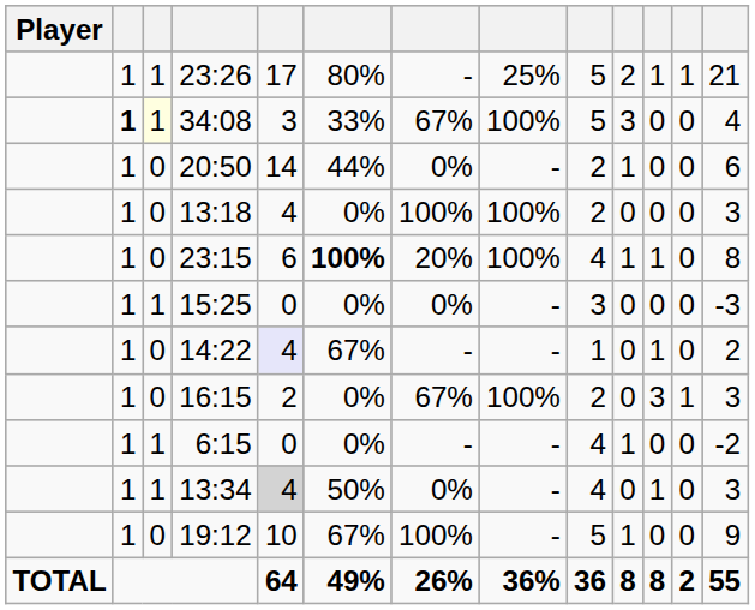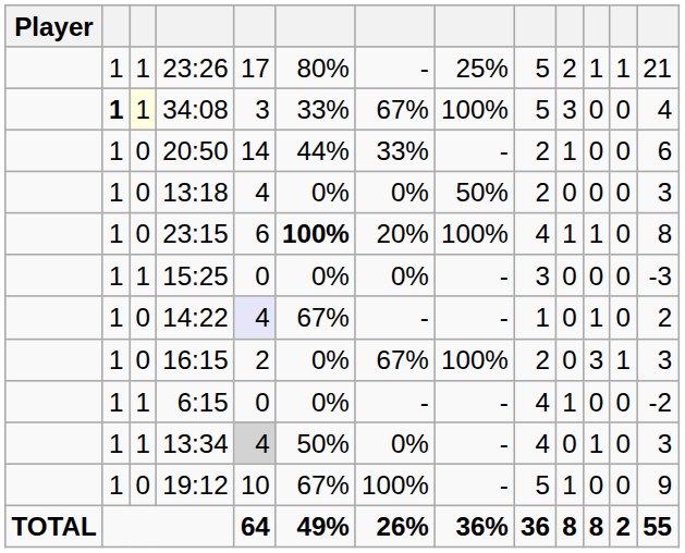 <table class="wikitable sortable" style="font-size:95%; text-align:right">
 <tr>
 <th>Player</th>
 <th></th>
 <th></th>
 <th></th>
 <th></th>
 <th></th>
 <th></th>
 <th></th>
 <th></th>
 <th></th>
 <th></th>
 <th></th>
 <th></th>
 </tr>
 <tr>
 <td><strong></strong></td>
 <td>1</td>
 <td>1</td>
 <td>23:26</td>
 <td>17</td>
 <td>80%</td>
 <td>-</td>
 <td>25%</td>
 <td>5</td>
 <td>2</td>
 <td>1</td>
 <td>1</td>
 <td>21</td>
 </tr>
 <tr>
 <td><strong></strong></td>
 <td><strong>1</strong></td>
 <td style="background: lightyellow;">1</td>
 <td>34:08</td>
 <td>3</td>
 <td>33%</td>
 <td>67%</td>
 <td>100%</td>
 <td>5</td>
 <td>3</td>
 <td>0</td>
 <td>0</td>
 <td>4</td>
 </tr>
 <tr>
 <td><strong></strong></td>
 <td>1</td>
 <td>0</td>
 <td>20:50</td>
 <td>14</td>
 <td>44%</td>
-<td>0%</td>
+<td>33%</td>
 <td>-</td>
 <td>2</td>
 <td>1</td>
 <td>0</td>
 <td>0</td>
 <td>6</td>
 </tr>
 <tr>
 <td><strong></strong></td>
 <td>1</td>
 <td>0</td>
 <td>13:18</td>
 <td>4</td>
 <td>0%</td>
-<td>100%</td>
-<td>100%</td>
+<td>0%</td>
+<td>50%</td>
 <td>2</td>
 <td>0</td>
 <td>0</td>
 <td>0</td>
 <td>3</td>
 </tr>
 <tr>
 <td><strong></strong></td>
 <td>1</td>
 <td>0</td>
 <td>23:15</td>
 <td>6</td>
 <td><strong>100%</strong></td>
 <td>20%</td>
 <td>100%</td>
 <td>4</td>
 <td>1</td>
 <td>1</td>
 <td>0</td>
 <td>8</td>
 </tr>
 <tr>
 <td><strong></strong></td>
 <td>1</td>
 <td>1</td>
 <td>15:25</td>
 <td>0</td>
 <td>0%</td>
 <td>0%</td>
 <td>-</td>
 <td>3</td>
 <td>0</td>
 <td>0</td>
 <td>0</td>
 <td>-3</td>
 </tr>
 <tr>
 <td><strong></strong></td>
 <td>1</td>
 <td>0</td>
 <td>14:22</td>
 <td style="background: lavender;">4</td>
 <td>67%</td>
 <td>-</td>
 <td>-</td>
 <td>1</td>
 <td>0</td>
 <td>1</td>
 <td>0</td>
 <td>2</td>
 </tr>
 <tr>
 <td><strong></strong></td>
 <td>1</td>
 <td>0</td>
 <td>16:15</td>
 <td>2</td>
 <td>0%</td>
 <td>67%</td>
 <td>100%</td>
 <td>2</td>
 <td>0</td>
 <td>3</td>
 <td>1</td>
 <td>3</td>
 </tr>
 <tr>
 <td><strong></strong></td>
 <td>1</td>
 <td>1</td>
 <td>6:15</td>
 <td>0</td>
 <td>0%</td>
 <td>-</td>
 <td>-</td>
 <td>4</td>
 <td>1</td>
 <td>0</td>
 <td>0</td>
 <td>-2</td>
 </tr>
 <tr>
 <td><strong></strong></td>
 <td>1</td>
 <td>1</td>
 <td>13:34</td>
 <td style="background: lightgrey;">4</td>
 <td>50%</td>
 <td>0%</td>
 <td>-</td>
 <td>4</td>
 <td>0</td>
 <td>1</td>
 <td>0</td>
 <td>3</td>
 </tr>
 <tr>
 <td><strong></strong></td>
 <td>1</td>
 <td>0</td>
 <td>19:12</td>
 <td>10</td>
 <td>67%</td>
 <td>100%</td>
 <td>-</td>
 <td>5</td>
 <td>1</td>
 <td>0</td>
 <td>0</td>
 <td>9</td>
 </tr>
 <tr>
 <td align=center><strong>TOTAL</strong></td>
 <td colspan=3></td>
 <td><strong>64</strong></td>
 <td><strong>49%</strong></td>
 <td><strong>26%</strong></td>
 <td><strong>36%</strong></td>
 <td><strong>36</strong></td>
 <td><strong>8</strong></td>
 <td><strong>8</strong></td>
 <td><strong>2</strong></td>
 <td><strong>55</strong></td>
 </tr>
 </table>
